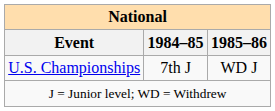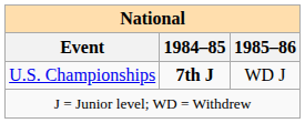 <table class="wikitable" style="text-align:center">
 <tr>
 <th style="background-color: #ffdead; " colspan=3 align=center>National</th>
 </tr>
 <tr>
 <th>Event</th>
 <th>1984–85</th>
 <th>1985–86</th>
 </tr>
 <tr 1986-87>
 <td align=left><a href='#'>U.S. Championships</a></td>
-<td>7th J</td>
+<td><strong>7th J</strong></td>
 <td>WD J</td>
 </tr>
 <tr>
 <td colspan=3 align=center><small> J = Junior level; WD = Withdrew </small></td>
 </tr>
 </table>
